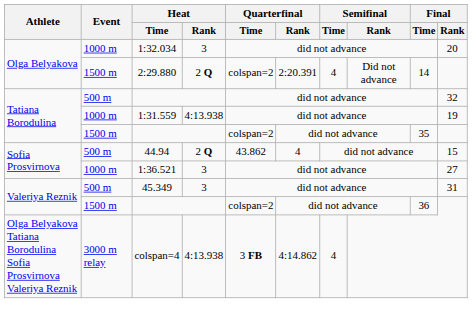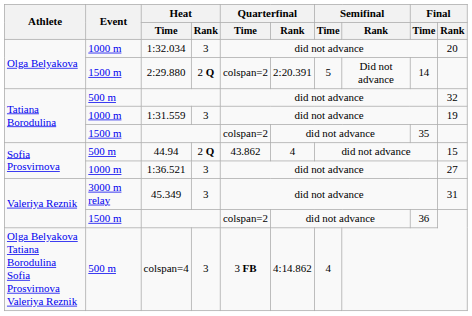 <table class="wikitable" style="font-size:90%">
 <tr>
 <th rowspan=2>Athlete</th>
 <th rowspan=2>Event</th>
 <th colspan=2>Heat</th>
 <th colspan=2>Quarterfinal</th>
 <th colspan=2>Semifinal</th>
 <th colspan=2>Final</th>
 </tr>
 <tr style="font-size:95%">
 <th>Time</th>
 <th>Rank</th>
 <th>Time</th>
 <th>Rank</th>
 <th>Time</th>
 <th>Rank</th>
 <th>Time</th>
 <th>Rank</th>
 </tr>
 <tr align=center>
 <td align=left rowspan=2><a href='#'>Olga Belyakova</a></td>
 <td align=left><a href='#'>1000 m</a></td>
 <td>1:32.034</td>
 <td>3</td>
 <td colspan=5>did not advance</td>
 <td>20</td>
 </tr>
 <tr align=center>
 <td align=left><a href='#'>1500 m</a></td>
 <td>2:29.880</td>
 <td>2 <strong>Q</strong></td>
 <td>colspan=2 </td>
 <td>2:20.391</td>
-<td>4</td>
+<td>5</td>
 <td>Did not advance</td>
 <td>14</td>
 </tr>
 <tr align=center>
 <td align=left rowspan=3><a href='#'>Tatiana Borodulina</a></td>
 <td align=left><a href='#'>500 m</a></td>
 <td colspan=2></td>
 <td colspan=5>did not advance</td>
 <td>32</td>
 </tr>
 <tr align=center>
 <td align=left><a href='#'>1000 m</a></td>
 <td>1:31.559</td>
-<td>4:13.938</td>
+<td>3</td>
 <td colspan=5>did not advance</td>
 <td>19</td>
 </tr>
 <tr align=center>
 <td align=left><a href='#'>1500 m</a></td>
 <td colspan=2></td>
 <td>colspan=2 </td>
 <td colspan=3>did not advance</td>
 <td>35</td>
 </tr>
 <tr align=center>
 <td align=left rowspan=2><a href='#'>Sofia Prosvirnova</a></td>
 <td align=left><a href='#'>500 m</a></td>
 <td>44.94</td>
 <td>2 <strong>Q</strong></td>
 <td>43.862</td>
 <td>4</td>
 <td colspan=3>did not advance</td>
 <td>15</td>
 </tr>
 <tr align=center>
 <td align=left><a href='#'>1000 m</a></td>
 <td>1:36.521</td>
 <td>3</td>
 <td colspan=5>did not advance</td>
 <td>27</td>
 </tr>
 <tr align=center>
 <td align=left rowspan=2><a href='#'>Valeriya Reznik</a></td>
-<td align=left><a href='#'>500 m</a></td>
+<td align=left><a href='#'>3000 m relay</a></td>
 <td>45.349</td>
 <td>3</td>
 <td colspan=5>did not advance</td>
 <td>31</td>
 </tr>
 <tr align=center>
 <td align=left><a href='#'>1500 m</a></td>
 <td colspan=2></td>
 <td>colspan=2 </td>
 <td colspan=3>did not advance</td>
 <td>36</td>
 </tr>
 <tr align=center>
 <td align=left><a href='#'>Olga Belyakova</a> <br> <a href='#'>Tatiana Borodulina</a><br><a href='#'>Sofia Prosvirnova</a><br><a href='#'>Valeriya Reznik</a></td>
-<td align=left><a href='#'>3000 m relay</a></td>
+<td align=left><a href='#'>500 m</a></td>
 <td>colspan=4 </td>
-<td>4:13.938</td>
+<td>3</td>
 <td>3 <strong>FB</strong></td>
 <td>4:14.862</td>
 <td>4</td>
 </tr>
 </table>
